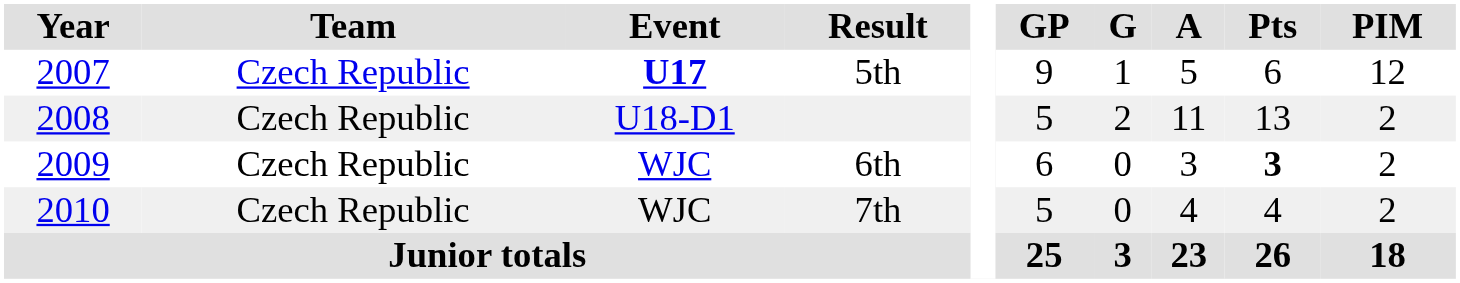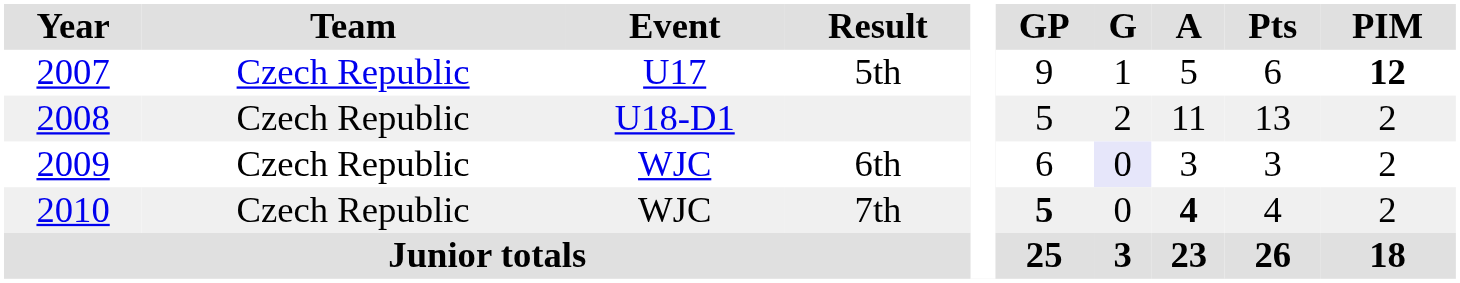 <table border="0" cellpadding="1" cellspacing="0" width="40%" style="text-align:center">
 <tr ALIGN="center" bgcolor="#e0e0e0">
 <th>Year</th>
 <th>Team</th>
 <th>Event</th>
 <th>Result</th>
 <th rowspan="99" bgcolor="#ffffff"> </th>
 <th>GP</th>
 <th>G</th>
 <th>A</th>
 <th>Pts</th>
 <th>PIM</th>
 </tr>
 <tr ALIGN="center">
 <td><a href='#'>2007</a></td>
 <td><a href='#'>Czech Republic</a></td>
-<td><strong><a href='#'>U17</a></strong></td>
+<td><a href='#'>U17</a></td>
 <td>5th</td>
 <td>9</td>
 <td>1</td>
 <td>5</td>
 <td>6</td>
-<td>12</td>
+<td><strong>12</strong></td>
 </tr>
 <tr bgcolor="#f0f0f0">
 <td><a href='#'>2008</a></td>
 <td>Czech Republic</td>
 <td><a href='#'>U18-D1</a></td>
 <td></td>
 <td>5</td>
 <td>2</td>
 <td>11</td>
 <td>13</td>
 <td>2</td>
 </tr>
 <tr>
 <td><a href='#'>2009</a></td>
 <td>Czech Republic</td>
 <td><a href='#'>WJC</a></td>
 <td>6th</td>
 <td>6</td>
-<td>0</td>
+<td style="background: lavender;">0</td>
 <td>3</td>
-<td><strong>3</strong></td>
+<td>3</td>
 <td>2</td>
 </tr>
 <tr bgcolor="#f0f0f0">
 <td><a href='#'>2010</a></td>
 <td>Czech Republic</td>
 <td>WJC</td>
 <td>7th</td>
-<td>5</td>
+<td><strong>5</strong></td>
 <td>0</td>
-<td>4</td>
+<td><strong>4</strong></td>
 <td>4</td>
 <td>2</td>
 </tr>
 <tr ALIGN="center" bgcolor="#e0e0e0">
 <th colspan="4">Junior totals</th>
 <th>25</th>
 <th>3</th>
 <th>23</th>
 <th>26</th>
 <th>18</th>
 </tr>
 </table>
